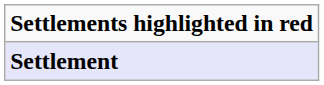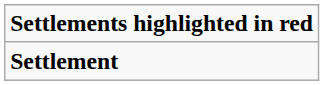 <table class="wikitable">
 <tr>
 <td><strong>Settlements highlighted in red</strong></td>
 </tr>
 <tr>
-<td style="background: lavender;">  <strong>Settlement</strong></td>
+<td>  <strong>Settlement</strong></td>
 </tr>
 </table>
